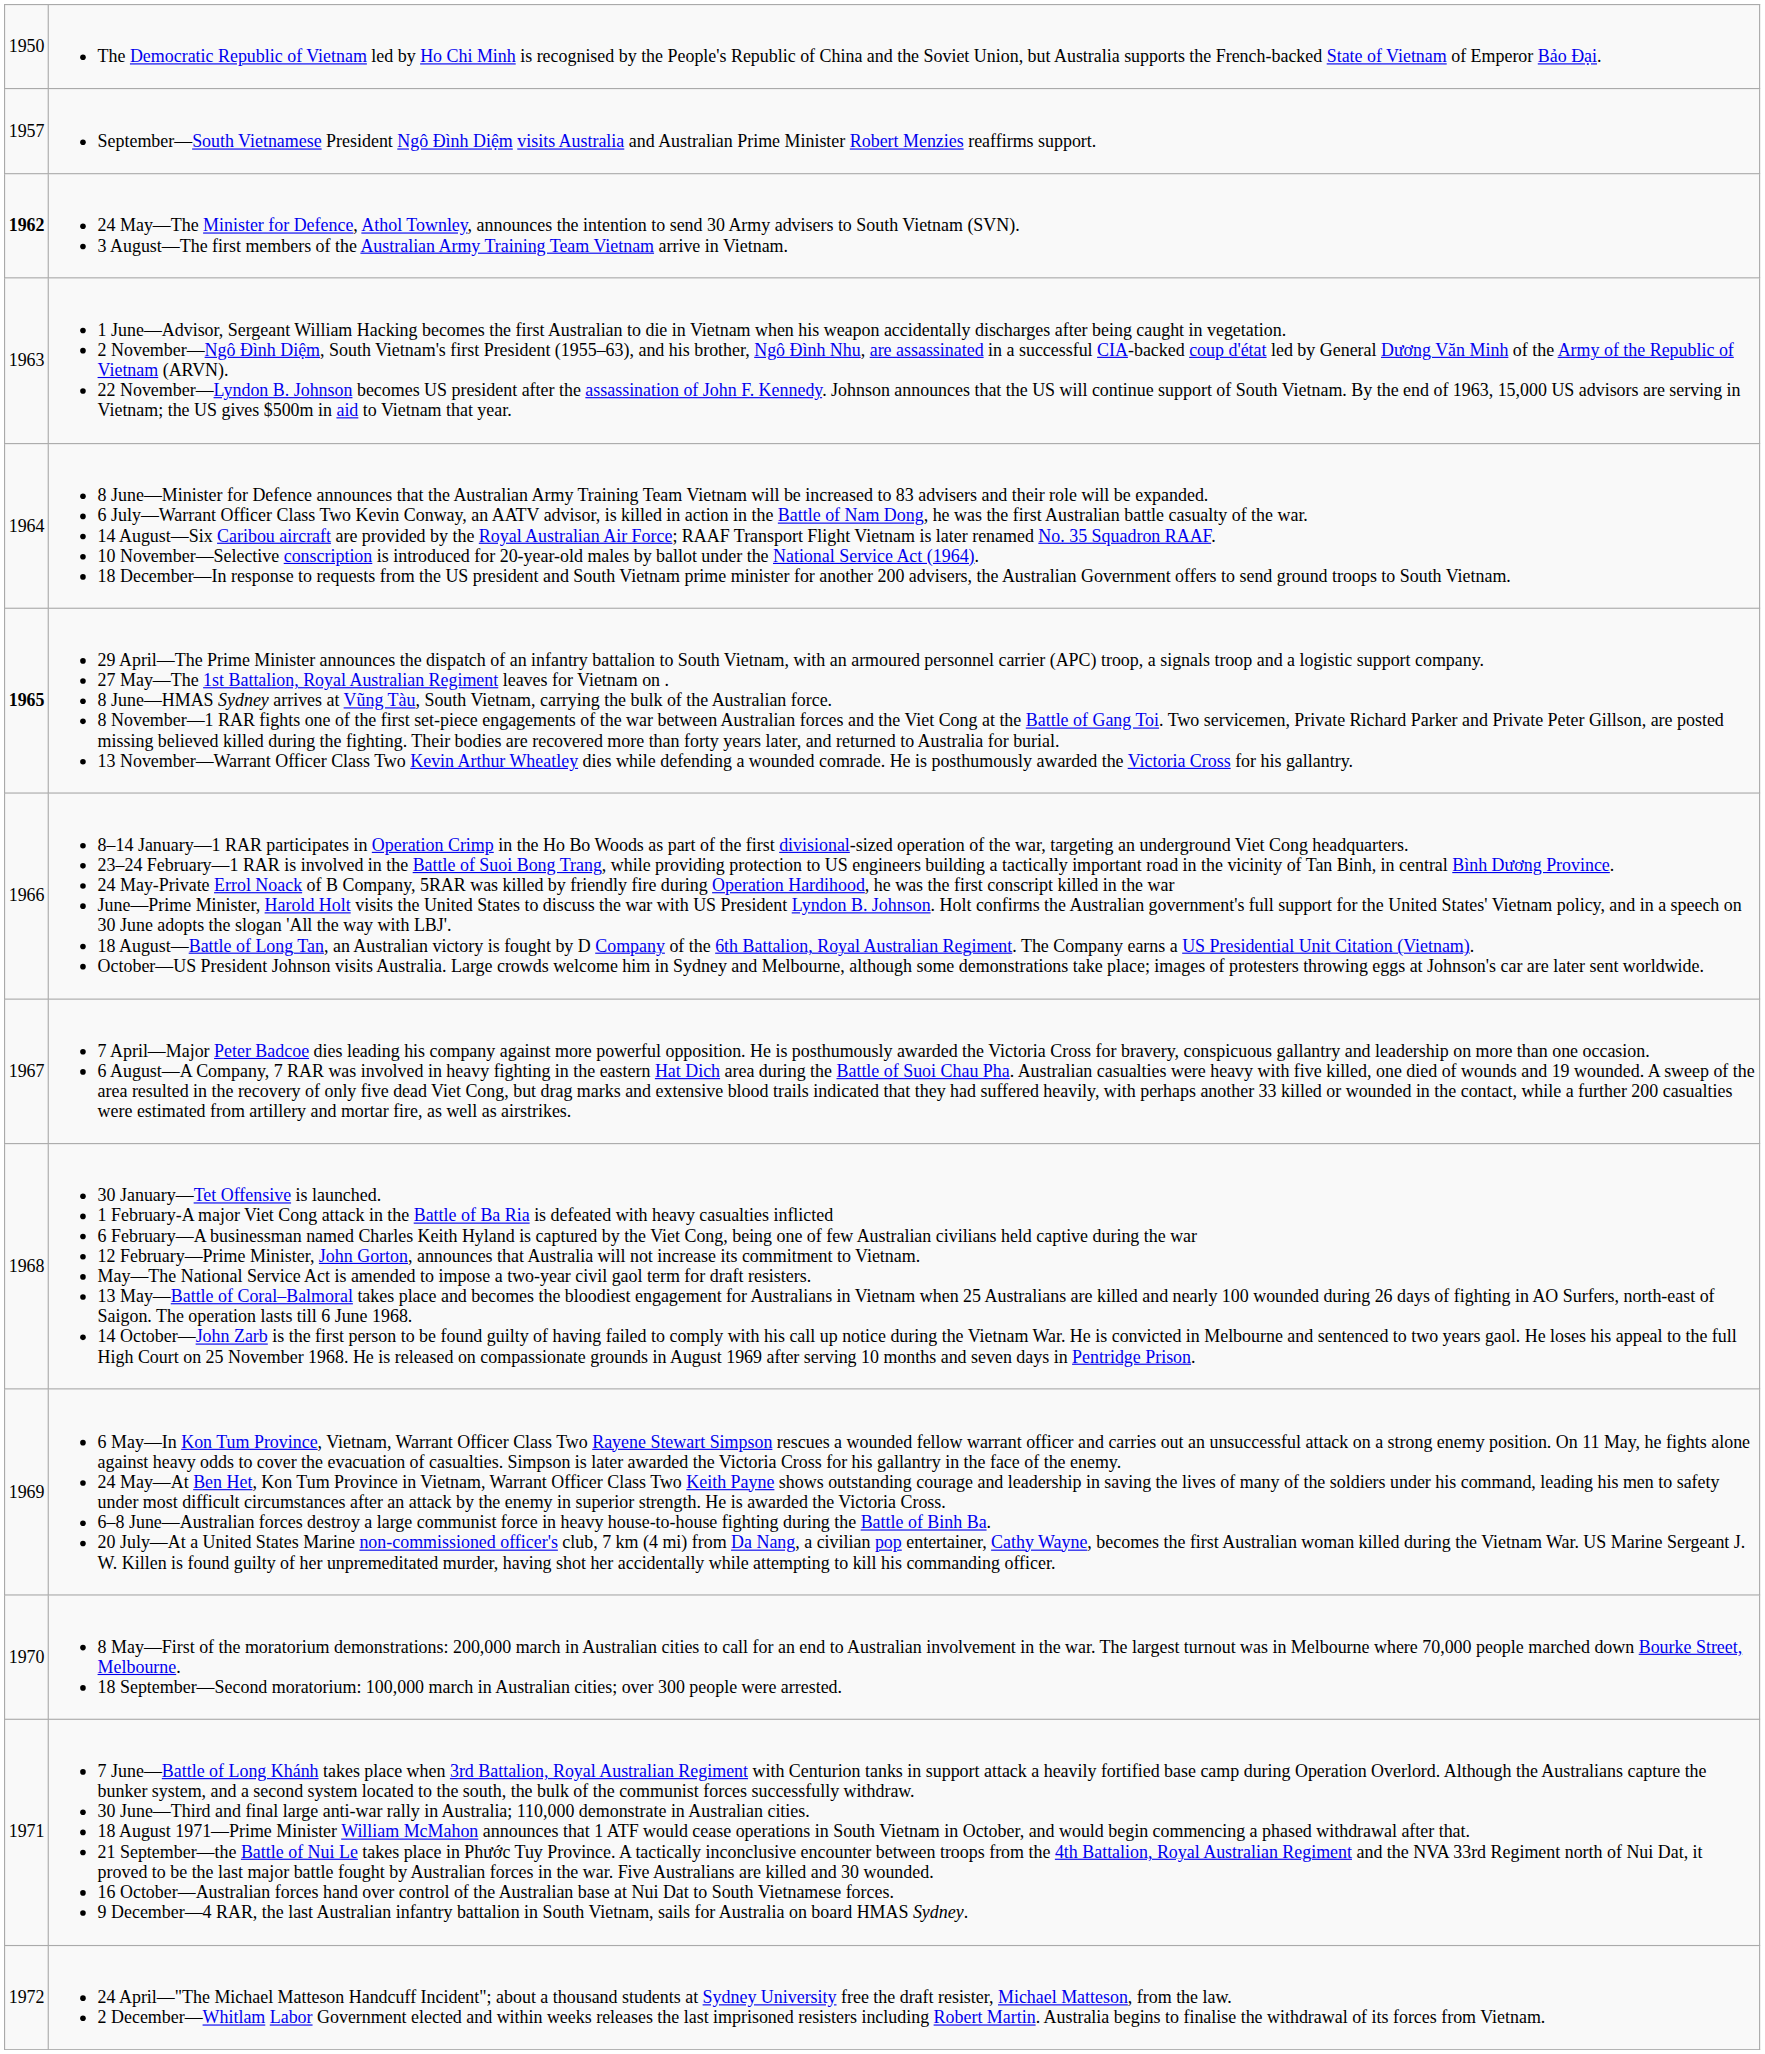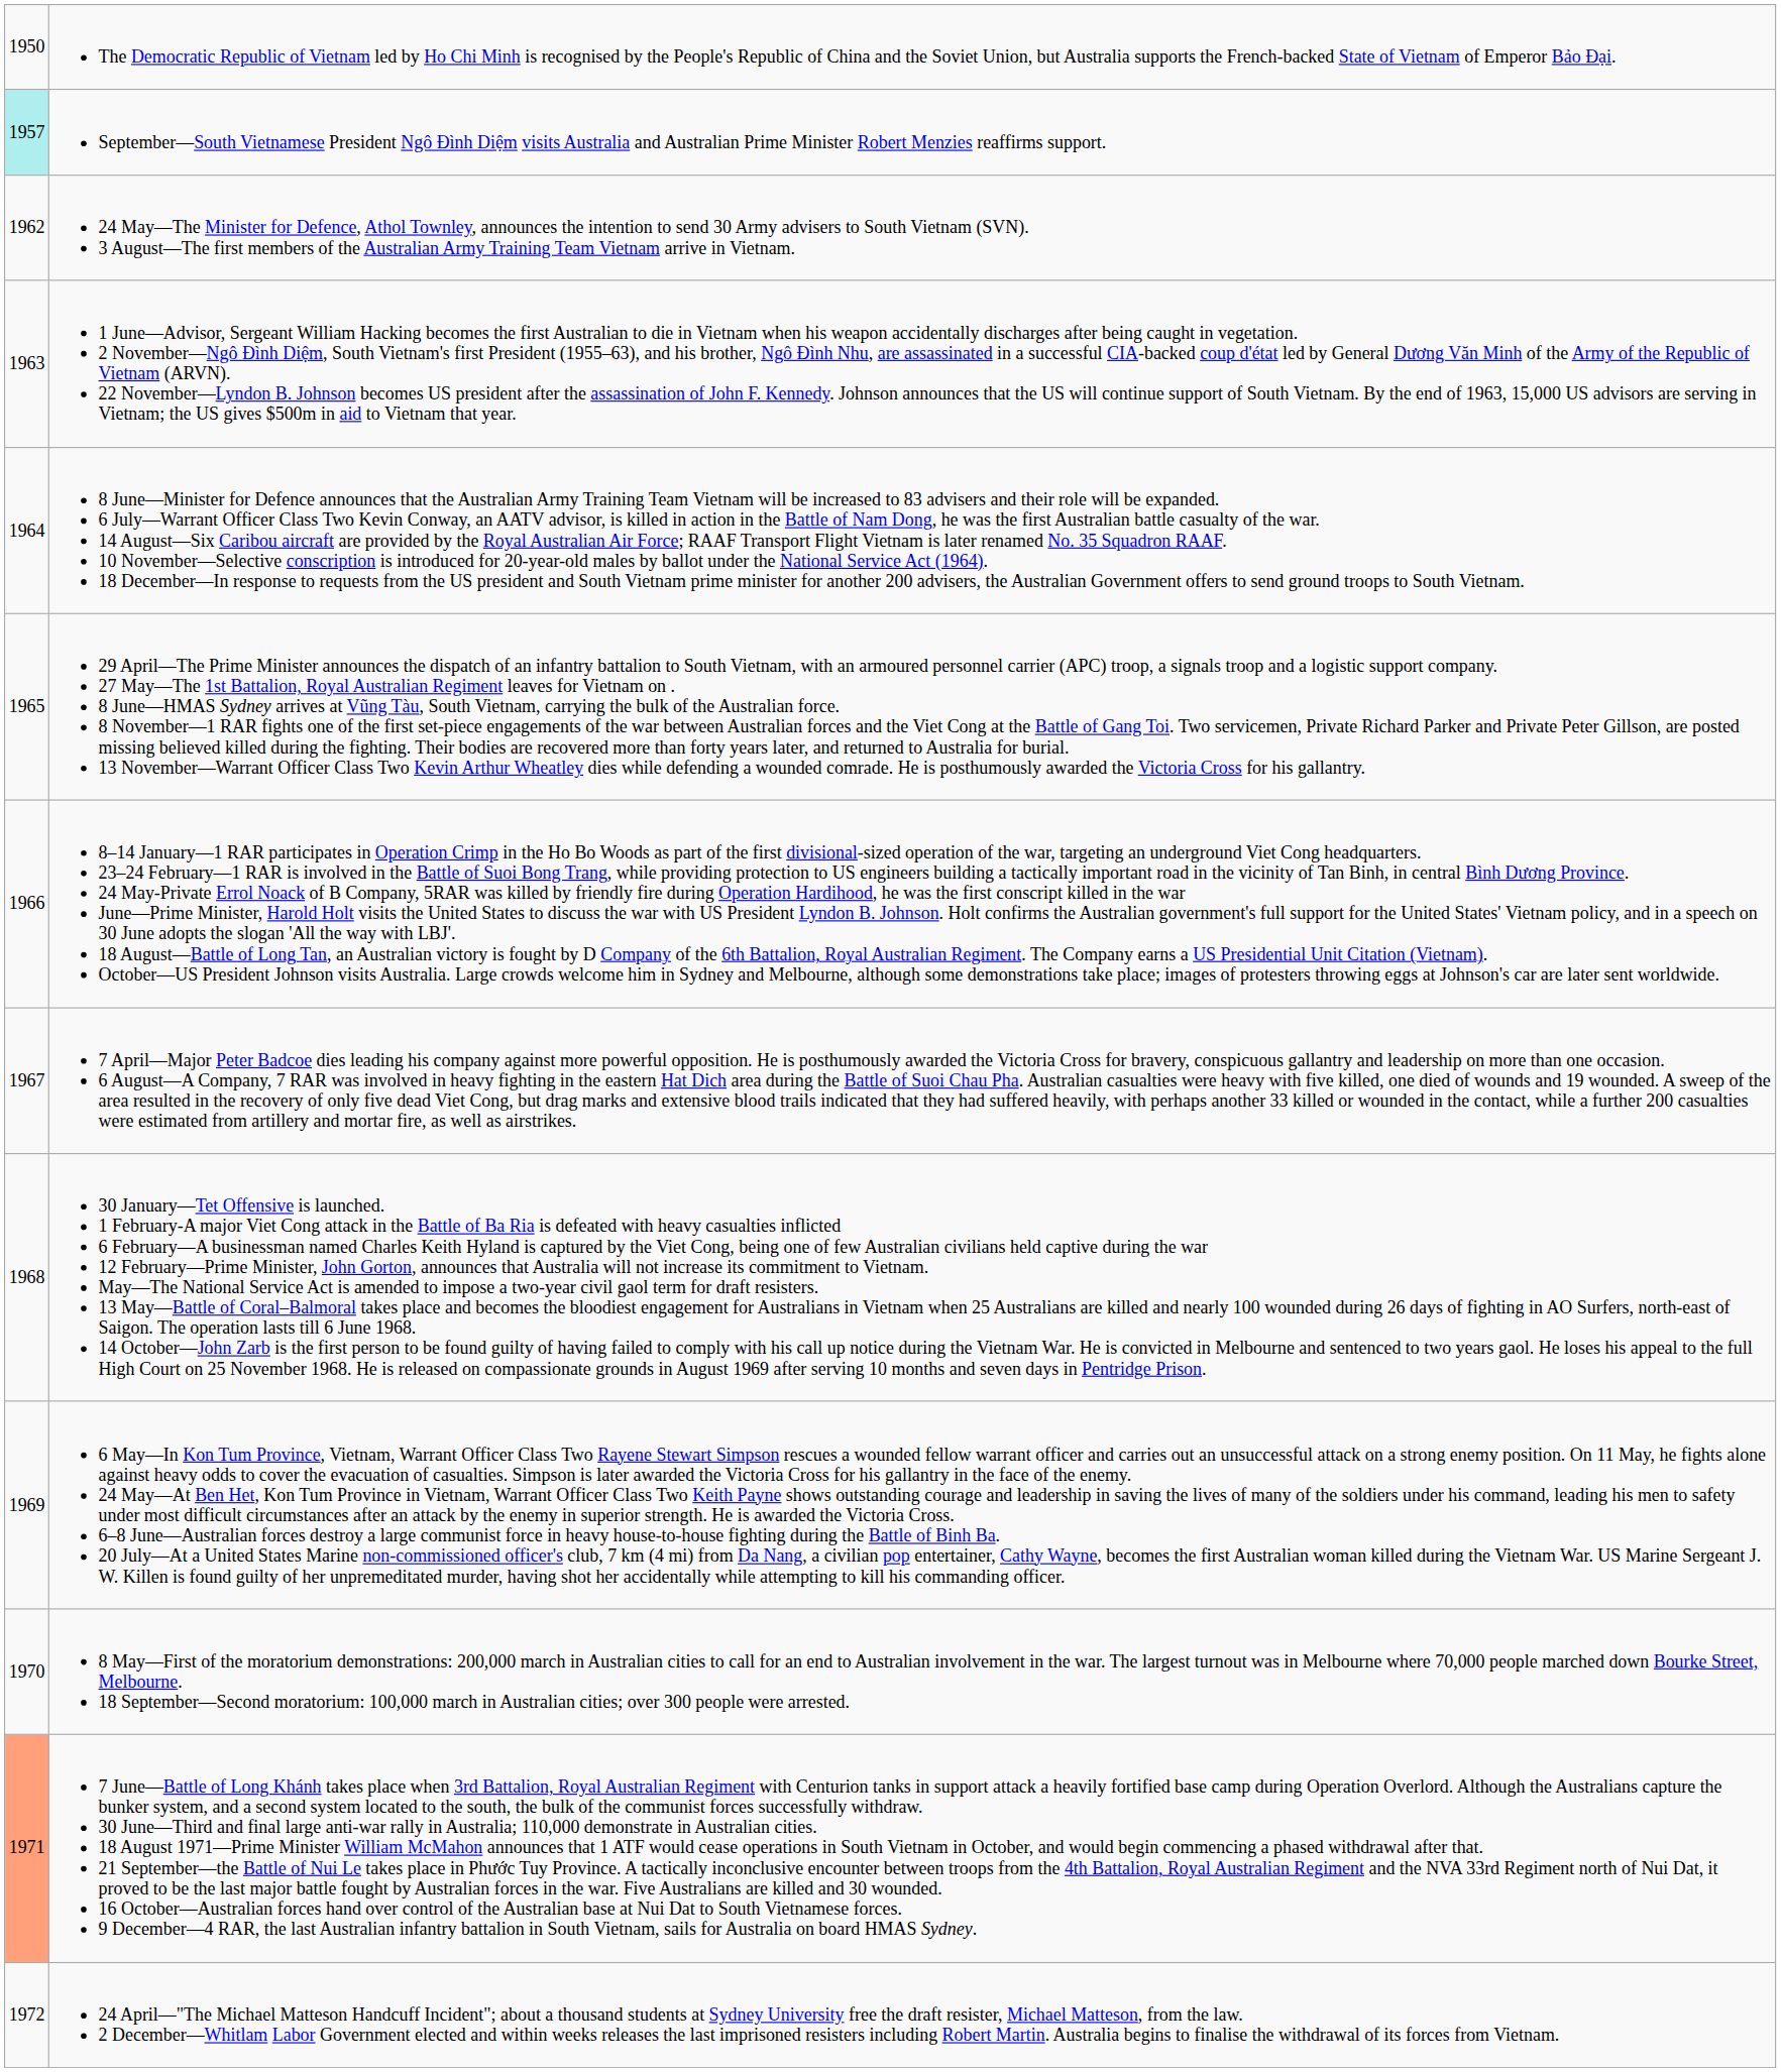 <table class="wikitable">
 <tr>
 <td>1950</td>
 <td><br><ul><li>The <a href='#'>Democratic Republic of Vietnam</a> led by <a href='#'>Ho Chi Minh</a> is recognised by the People's Republic of China and the Soviet Union, but Australia supports the French-backed <a href='#'>State of Vietnam</a> of Emperor <a href='#'>Bảo Đại</a>.</li></ul></td>
 </tr>
 <tr>
-<td>1957</td>
+<td style="background: paleturquoise;">1957</td>
 <td><br><ul><li>September—<a href='#'>South Vietnamese</a> President <a href='#'>Ngô Đình Diệm</a> <a href='#'>visits Australia</a> and Australian Prime Minister <a href='#'>Robert Menzies</a> reaffirms support.</li></ul></td>
 </tr>
 <tr>
-<td><strong>1962</strong></td>
+<td>1962</td>
 <td><br><ul><li>24 May—The <a href='#'>Minister for Defence</a>, <a href='#'>Athol Townley</a>, announces the intention to send 30 Army advisers to South Vietnam (SVN).</li><li>3 August—The first members of the <a href='#'>Australian Army Training Team Vietnam</a> arrive in Vietnam.</li></ul></td>
 </tr>
 <tr>
 <td>1963</td>
 <td><br><ul><li>1 June—Advisor, Sergeant William Hacking becomes the first Australian to die in Vietnam when his weapon accidentally discharges after being caught in vegetation.</li><li>2 November—<a href='#'>Ngô Đình Diệm</a>, South Vietnam's first President (1955–63), and his brother, <a href='#'>Ngô Đình Nhu</a>, <a href='#'>are assassinated</a> in a successful <a href='#'>CIA</a>-backed <a href='#'>coup d'état</a> led by General <a href='#'>Dương Văn Minh</a> of the <a href='#'>Army of the Republic of Vietnam</a> (ARVN).</li><li>22 November—<a href='#'>Lyndon B. Johnson</a> becomes US president after the <a href='#'>assassination of John F. Kennedy</a>.  Johnson announces that the US will continue support of South Vietnam.  By the end of 1963, 15,000 US advisors are serving in Vietnam; the US gives $500m in <a href='#'>aid</a> to Vietnam that year.</li></ul></td>
 </tr>
 <tr>
 <td>1964</td>
 <td><br><ul><li>8 June—Minister for Defence announces that the Australian Army Training Team Vietnam will be increased to 83 advisers and their role will be expanded.</li><li>6 July—Warrant Officer Class Two Kevin Conway, an AATV advisor, is killed in action in the <a href='#'>Battle of Nam Dong</a>, he was the first Australian battle casualty of the war.</li><li>14 August—Six <a href='#'>Caribou aircraft</a> are provided by the <a href='#'>Royal Australian Air Force</a>; RAAF Transport Flight Vietnam is later renamed <a href='#'>No. 35 Squadron RAAF</a>.</li><li>10 November—Selective <a href='#'>conscription</a> is introduced for 20-year-old males by ballot under the <a href='#'>National Service Act (1964)</a>.</li><li>18 December—In response to requests from the US president and South Vietnam prime minister for another 200 advisers, the Australian Government offers to send ground troops to South Vietnam.</li></ul></td>
 </tr>
 <tr>
-<td><strong>1965</strong></td>
+<td>1965</td>
 <td><br><ul><li>29 April—The Prime Minister announces the dispatch of an infantry battalion to South Vietnam, with an armoured personnel carrier (APC) troop, a signals troop and a logistic support company.</li><li>27 May—The <a href='#'>1st Battalion, Royal Australian Regiment</a> leaves for Vietnam on .</li><li>8 June—HMAS <em>Sydney</em> arrives at <a href='#'>Vũng Tàu</a>, South Vietnam, carrying the bulk of the Australian force.</li><li>8 November—1 RAR fights one of the first set-piece engagements of the war between Australian forces and the Viet Cong at the <a href='#'>Battle of Gang Toi</a>. Two servicemen, Private Richard Parker and Private Peter Gillson, are posted missing believed killed during the fighting. Their bodies are recovered more than forty years later, and returned to Australia for burial.</li><li>13 November—Warrant Officer Class Two <a href='#'>Kevin Arthur Wheatley</a> dies while defending a wounded comrade. He is posthumously awarded the <a href='#'>Victoria Cross</a> for his gallantry.</li></ul></td>
 </tr>
 <tr>
 <td>1966</td>
 <td><br><ul><li>8–14 January—1 RAR participates in <a href='#'>Operation Crimp</a> in the Ho Bo Woods as part of the first <a href='#'>divisional</a>-sized operation of the war, targeting an underground Viet Cong headquarters.</li><li>23–24 February—1 RAR is involved in the <a href='#'>Battle of Suoi Bong Trang</a>, while providing protection to US engineers building a tactically important road in the vicinity of Tan Binh, in central <a href='#'>Bình Dương Province</a>.</li><li>24 May-Private <a href='#'>Errol Noack</a> of B Company, 5RAR was killed by friendly fire during <a href='#'>Operation Hardihood</a>, he was the first conscript killed in the war</li><li>June—Prime Minister, <a href='#'>Harold Holt</a> visits the United States to discuss the war with US President <a href='#'>Lyndon B. Johnson</a>. Holt confirms the Australian government's full support for the United States' Vietnam policy, and in a speech on 30 June adopts the slogan 'All the way with LBJ'.</li><li>18 August—<a href='#'>Battle of Long Tan</a>, an Australian victory is fought by D <a href='#'>Company</a> of the <a href='#'>6th Battalion, Royal Australian Regiment</a>.  The Company earns a <a href='#'>US Presidential Unit Citation (Vietnam)</a>.</li><li>October—US President Johnson visits Australia. Large crowds welcome him in Sydney and Melbourne, although some demonstrations take place; images of protesters throwing eggs at Johnson's car are later sent worldwide.</li></ul></td>
 </tr>
 <tr>
 <td>1967</td>
 <td><br><ul><li>7 April—Major <a href='#'>Peter Badcoe</a> dies leading his company against more powerful opposition. He is posthumously awarded the Victoria Cross for bravery, conspicuous gallantry and leadership on more than one occasion.</li><li>6 August—A Company, 7 RAR was involved in heavy fighting in the eastern <a href='#'>Hat Dich</a> area during the <a href='#'>Battle of Suoi Chau Pha</a>. Australian casualties were heavy with five killed, one died of wounds and 19 wounded. A sweep of the area resulted in the recovery of only five dead Viet Cong, but drag marks and extensive blood trails indicated that they had suffered heavily, with perhaps another 33 killed or wounded in the contact, while a further 200 casualties were estimated from artillery and mortar fire, as well as airstrikes.</li></ul></td>
 </tr>
 <tr>
 <td>1968</td>
 <td><br><ul><li>30 January—<a href='#'>Tet Offensive</a> is launched.</li><li>1 February-A major Viet Cong attack in the <a href='#'>Battle of Ba Ria</a> is defeated with heavy casualties inflicted</li><li>6 February—A businessman named Charles Keith Hyland is captured by the Viet Cong, being one of few Australian civilians held captive during the war</li><li>12 February—Prime Minister, <a href='#'>John Gorton</a>, announces that Australia will not increase its commitment to Vietnam.</li><li>May—The National Service Act is amended to impose a two-year civil gaol term for draft resisters.</li><li>13 May—<a href='#'>Battle of Coral–Balmoral</a> takes place and becomes the bloodiest engagement for Australians in Vietnam when 25 Australians are killed and nearly 100 wounded during 26 days of fighting in AO Surfers, north-east of Saigon. The operation lasts till 6 June 1968.</li><li>14 October—<a href='#'>John Zarb</a> is the first person to be found guilty of having failed to comply with his call up notice during the Vietnam War.  He is convicted in Melbourne and sentenced to two years gaol.  He loses his appeal to the full High Court on 25 November 1968. He is released on compassionate grounds in August 1969 after serving 10 months and seven days in <a href='#'>Pentridge Prison</a>.</li></ul></td>
 </tr>
 <tr>
 <td>1969</td>
 <td><br><ul><li>6 May—In <a href='#'>Kon Tum Province</a>, Vietnam, Warrant Officer Class Two <a href='#'>Rayene Stewart Simpson</a> rescues a wounded fellow warrant officer and carries out an unsuccessful attack on a strong enemy position. On 11 May, he fights alone against heavy odds to cover the evacuation of casualties. Simpson is later awarded the Victoria Cross for his gallantry in the face of the enemy.</li><li>24 May—At <a href='#'>Ben Het</a>, Kon Tum Province in Vietnam, Warrant Officer Class Two <a href='#'>Keith Payne</a> shows outstanding courage and leadership in saving the lives of many of the soldiers under his command, leading his men to safety under most difficult circumstances after an attack by the enemy in superior strength. He is awarded the Victoria Cross.</li><li>6–8 June—Australian forces destroy a large communist force in heavy house-to-house fighting during the <a href='#'>Battle of Binh Ba</a>.</li><li>20 July—At a United States Marine <a href='#'>non-commissioned officer's</a> club, 7 km (4 mi) from <a href='#'>Da Nang</a>, a civilian <a href='#'>pop</a> entertainer, <a href='#'>Cathy Wayne</a>, becomes the first Australian woman killed during the Vietnam War. US Marine Sergeant J. W. Killen is found guilty of her unpremeditated murder, having shot her accidentally while attempting to kill his commanding officer.</li></ul></td>
 </tr>
 <tr>
 <td>1970</td>
 <td><br><ul><li>8 May—First of the moratorium demonstrations: 200,000 march in Australian cities to call for an end to Australian involvement in the war. The largest turnout was in Melbourne where 70,000 people marched down <a href='#'>Bourke Street, Melbourne</a>.</li><li>18 September—Second moratorium: 100,000 march in Australian cities; over 300 people were arrested.</li></ul></td>
 </tr>
 <tr>
-<td>1971</td>
+<td style="background: lightsalmon;">1971</td>
 <td><br><ul><li>7 June—<a href='#'>Battle of Long Khánh</a> takes place when <a href='#'>3rd Battalion, Royal Australian Regiment</a> with Centurion tanks in support attack a heavily fortified base camp during Operation Overlord. Although the Australians capture the bunker system, and a second system located to the south, the bulk of the communist forces successfully withdraw.</li><li>30 June—Third and final large anti-war rally in Australia; 110,000 demonstrate in Australian cities.</li><li>18 August 1971—Prime Minister <a href='#'>William McMahon</a> announces that 1 ATF would cease operations in South Vietnam in October, and would begin commencing a phased withdrawal after that.</li><li>21 September—the <a href='#'>Battle of Nui Le</a> takes place in Phước Tuy Province. A tactically inconclusive encounter between troops from the <a href='#'>4th Battalion, Royal Australian Regiment</a> and the NVA 33rd Regiment north of Nui Dat, it proved to be the last major battle fought by Australian forces in the war. Five Australians are killed and 30 wounded.</li><li>16 October—Australian forces hand over control of the Australian base at Nui Dat to South Vietnamese forces.</li><li>9 December—4 RAR, the last Australian infantry battalion in South Vietnam, sails for Australia on board HMAS <em>Sydney</em>.</li></ul></td>
 </tr>
 <tr>
 <td>1972</td>
 <td><br><ul><li>24 April—"The Michael Matteson Handcuff Incident"; about a thousand students at <a href='#'>Sydney University</a> free the draft resister, <a href='#'>Michael Matteson</a>, from the law.</li><li>2 December—<a href='#'>Whitlam</a> <a href='#'>Labor</a> Government elected and within weeks releases the last imprisoned resisters including <a href='#'>Robert Martin</a>. Australia begins to finalise the withdrawal of its forces from Vietnam.</li></ul></td>
 </tr>
 </table>
